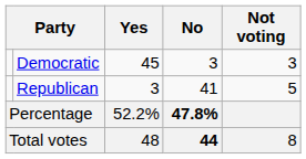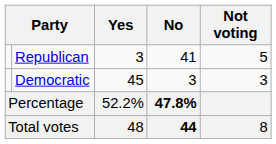 <table class="wikitable" style="float:right; background: #f9f9f9; text-align: right;">
 <tr>
 <th colspan="2" scope="col" style="width: 90px">Party</th>
 <th scope="col" style="width: 50px">Yes</th>
 <th scope="col" style="width: 50px">No</th>
 <th scope="col" style="width: 70px">Not voting</th>
 </tr>
 <tr>
 <td scope="row" style="background-color:"></td>
+<td scope="row" style="text-align: left;"><a href='#'>Republican</a></td>
+<td>3</td>
+<td>41</td>
+<td>5</td>
+</tr>
+<tr>
+<td scope="row" style="background-color:"></td>
 <td scope="row" style="text-align: left;"><a href='#'>Democratic</a></td>
 <td>45</td>
 <td>3</td>
 <td>3</td>
-</tr>
-<tr>
-<td scope="row" style="background-color:"></td>
-<td scope="row" style="text-align: left;"><a href='#'>Republican</a></td>
-<td>3</td>
-<td>41</td>
-<td>5</td>
 </tr>
 <tr class="tfoot" style="background:#f2f2f2;"|>
 <td scope="row" colspan="2" style="text-align:left;">Percentage</td>
 <td>52.2%</td>
 <td><strong>47.8%</strong></td>
 <td></td>
 </tr>
 <tr class="tfoot" style="background:#f2f2f2;">
 <td scope="row" colspan="2" style="text-align:left;">Total votes</td>
 <td>48</td>
 <td> <strong>44</strong></td>
 <td>8</td>
 </tr>
 </table>
